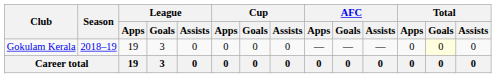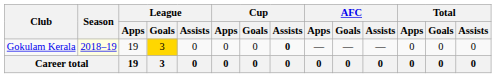 <table class="wikitable" style="font-size:90%; text-align:center;">
 <tr>
 <th rowspan="2">Club</th>
 <th rowspan="2">Season</th>
 <th colspan="3">League</th>
 <th colspan="3">Cup</th>
 <th colspan="3"><a href='#'>AFC</a></th>
 <th colspan="3">Total</th>
 </tr>
 <tr>
 <th>Apps</th>
 <th>Goals</th>
 <th>Assists</th>
 <th>Apps</th>
 <th>Goals</th>
 <th>Assists</th>
 <th>Apps</th>
 <th>Goals</th>
 <th>Assists</th>
 <th>Apps</th>
 <th>Goals</th>
 <th>Assists</th>
 </tr>
 <tr>
 <td rowspan="1"><a href='#'>Gokulam Kerala</a></td>
-<td><a href='#'>2018–19</a></td>
+<td style="background: lightyellow;"><a href='#'>2018–19</a></td>
 <td>19</td>
-<td>3</td>
+<td style="background: gold;">3</td>
 <td>0</td>
 <td>0</td>
 <td>0</td>
-<td>0</td>
+<td><strong>0</strong></td>
 <td>—</td>
 <td>—</td>
 <td>—</td>
 <td>0</td>
-<td style="background: lightyellow;">0</td>
+<td>0</td>
 <td>0</td>
 </tr>
 <tr>
 <th colspan="2">Career total</th>
 <th>19</th>
 <th>3</th>
 <th>0</th>
 <th>0</th>
 <th>0</th>
 <th>0</th>
 <th>0</th>
 <th>0</th>
 <th>0</th>
 <th>0</th>
 <th>0</th>
 <th>0</th>
 </tr>
 </table>
